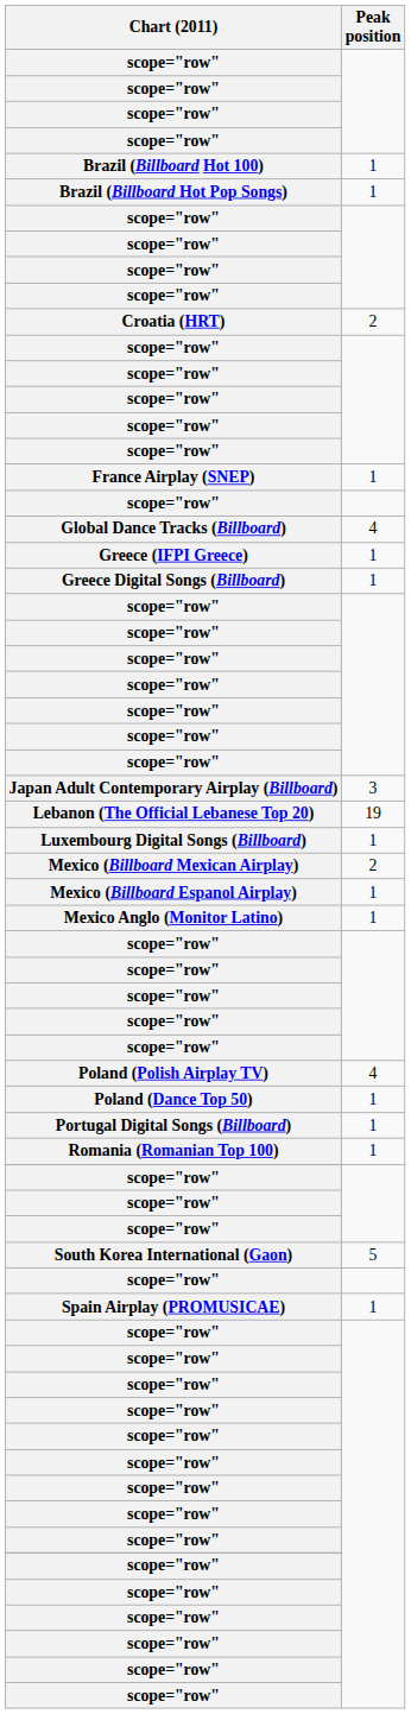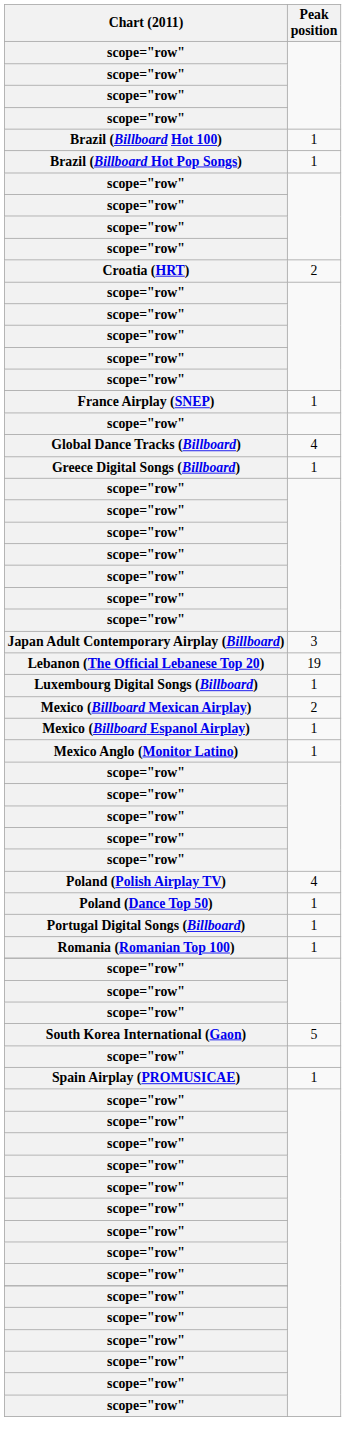 <table class="wikitable plainrowheaders sortable" style="text-align:center;">
 <tr>
 <th scope="col">Chart (2011)</th>
 <th scope="col">Peak<br>position</th>
 </tr>
 <tr>
 <th>scope="row"</th>
 </tr>
 <tr>
 <th>scope="row"</th>
 </tr>
 <tr>
 <th>scope="row"</th>
 </tr>
 <tr>
 <th>scope="row"</th>
 </tr>
 <tr>
 <th scope="row">Brazil (<em><a href='#'>Billboard</a></em> <a href='#'>Hot 100</a>)</th>
 <td>1</td>
 </tr>
 <tr>
 <th scope="row">Brazil (<a href='#'><em>Billboard</em> Hot Pop Songs</a>)</th>
 <td>1</td>
 </tr>
 <tr>
 <th>scope="row"</th>
 </tr>
 <tr>
 <th>scope="row"</th>
 </tr>
 <tr>
 <th>scope="row"</th>
 </tr>
 <tr>
 <th>scope="row"</th>
 </tr>
 <tr>
 <th scope="row">Croatia (<a href='#'>HRT</a>)</th>
 <td>2</td>
 </tr>
 <tr>
 <th>scope="row"</th>
 </tr>
 <tr>
 <th>scope="row"</th>
 </tr>
 <tr>
 <th>scope="row"</th>
 </tr>
 <tr>
 <th>scope="row"</th>
 </tr>
 <tr>
 <th>scope="row"</th>
 </tr>
 <tr>
 <th scope="row">France Airplay (<a href='#'>SNEP</a>)</th>
 <td>1</td>
 </tr>
 <tr>
 <th>scope="row"</th>
 </tr>
 <tr>
 <th scope="row">Global Dance Tracks (<em><a href='#'>Billboard</a></em>)</th>
 <td>4</td>
-</tr>
-<tr>
-<th scope="row">Greece (<a href='#'>IFPI Greece</a>)</th>
-<td>1</td>
 </tr>
 <tr>
 <th scope="row">Greece Digital Songs (<em><a href='#'>Billboard</a></em>)</th>
 <td>1</td>
 </tr>
 <tr>
 <th>scope="row"</th>
 </tr>
 <tr>
 <th>scope="row"</th>
 </tr>
 <tr>
 <th>scope="row"</th>
 </tr>
 <tr>
 <th>scope="row"</th>
 </tr>
 <tr>
 <th>scope="row"</th>
 </tr>
 <tr>
 <th>scope="row"</th>
 </tr>
 <tr>
 <th>scope="row"</th>
 </tr>
 <tr>
 <th scope="row">Japan Adult Contemporary Airplay (<em><a href='#'>Billboard</a></em>)</th>
 <td>3</td>
 </tr>
 <tr>
 <th scope="row">Lebanon (<a href='#'>The Official Lebanese Top 20</a>)</th>
 <td>19</td>
 </tr>
 <tr>
 <th scope="row">Luxembourg Digital Songs (<em><a href='#'>Billboard</a></em>)</th>
 <td>1</td>
 </tr>
 <tr>
 <th scope="row">Mexico (<a href='#'><em>Billboard</em> Mexican Airplay</a>)</th>
 <td>2</td>
 </tr>
 <tr>
 <th scope="row">Mexico (<a href='#'><em>Billboard</em> Espanol Airplay</a>)</th>
 <td>1</td>
 </tr>
 <tr>
 <th scope="row">Mexico Anglo (<a href='#'>Monitor Latino</a>)</th>
 <td>1</td>
 </tr>
 <tr>
 <th>scope="row"</th>
 </tr>
 <tr>
 <th>scope="row"</th>
 </tr>
 <tr>
 <th>scope="row"</th>
 </tr>
 <tr>
 <th>scope="row"</th>
 </tr>
 <tr>
 <th>scope="row"</th>
 </tr>
 <tr>
 <th scope="row">Poland (<a href='#'>Polish Airplay TV</a>)</th>
 <td>4</td>
 </tr>
 <tr>
 <th scope="row">Poland (<a href='#'>Dance Top 50</a>)</th>
 <td>1</td>
 </tr>
 <tr>
 <th scope="row">Portugal Digital Songs (<em><a href='#'>Billboard</a></em>)</th>
 <td>1</td>
 </tr>
 <tr>
 <th scope="row">Romania (<a href='#'>Romanian Top 100</a>)</th>
 <td>1</td>
 </tr>
 <tr>
 </tr>
 <tr>
 <th>scope="row"</th>
 </tr>
 <tr>
 <th>scope="row"</th>
 </tr>
 <tr>
 <th>scope="row"</th>
 </tr>
 <tr>
 <th scope="row">South Korea International (<a href='#'>Gaon</a>)</th>
 <td>5</td>
 </tr>
 <tr>
 <th>scope="row"</th>
 </tr>
 <tr>
 <th scope="row">Spain Airplay (<a href='#'>PROMUSICAE</a>)</th>
 <td>1</td>
 </tr>
 <tr>
 <th>scope="row"</th>
 </tr>
 <tr>
 <th>scope="row"</th>
 </tr>
 <tr>
 <th>scope="row"</th>
 </tr>
 <tr>
 <th>scope="row"</th>
 </tr>
 <tr>
 <th>scope="row"</th>
 </tr>
 <tr>
 <th>scope="row"</th>
 </tr>
 <tr>
 <th>scope="row"</th>
 </tr>
 <tr>
 <th>scope="row"</th>
 </tr>
 <tr>
 <th>scope="row"</th>
 </tr>
 <tr>
 </tr>
 <tr>
 <th>scope="row"</th>
 </tr>
 <tr>
 <th>scope="row"</th>
 </tr>
 <tr>
 <th>scope="row"</th>
 </tr>
 <tr>
 <th>scope="row"</th>
 </tr>
 <tr>
 <th>scope="row"</th>
 </tr>
 <tr>
 <th>scope="row"</th>
 </tr>
 </table>
